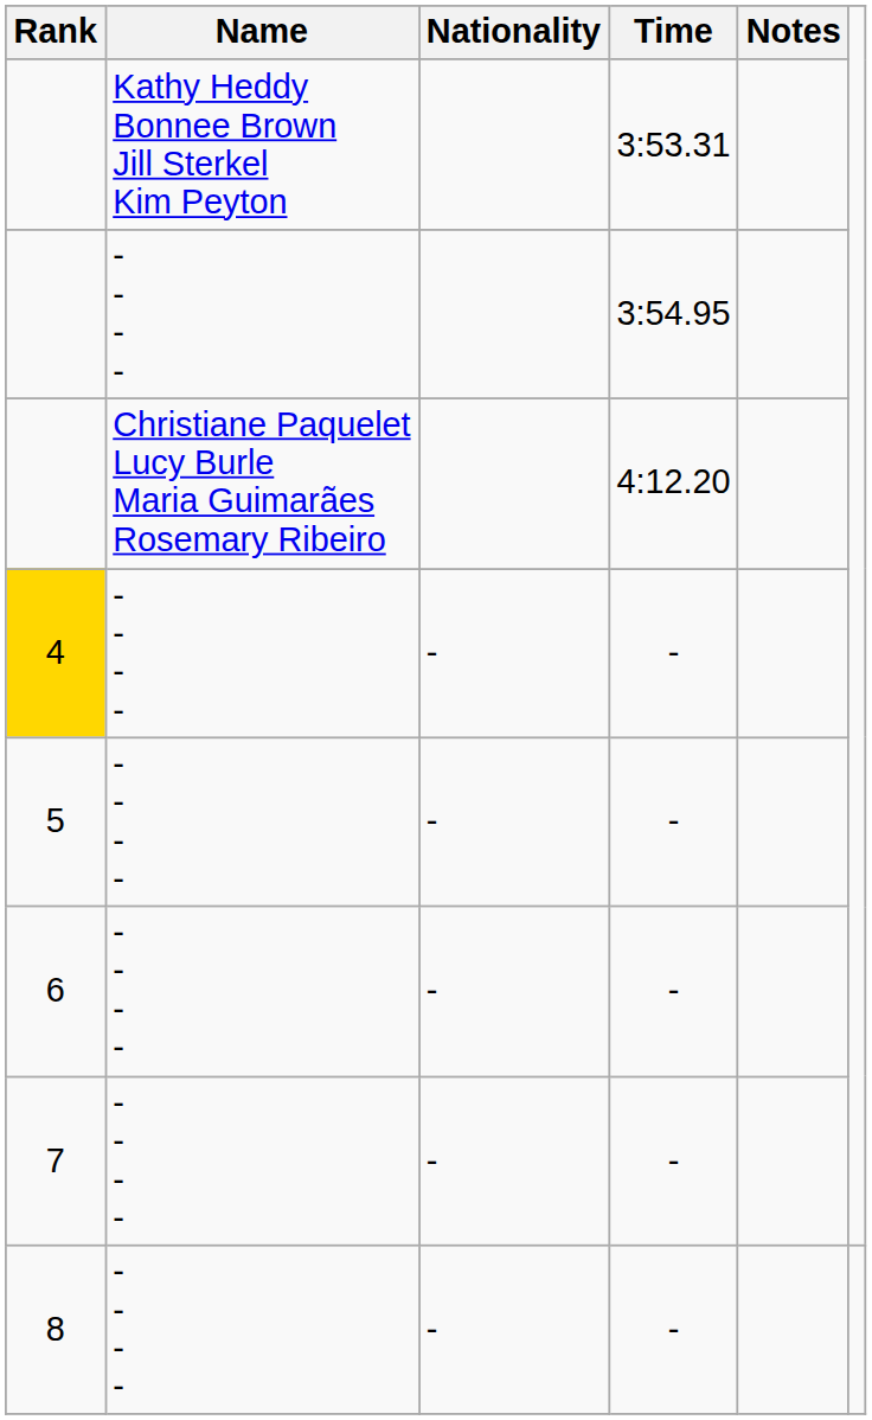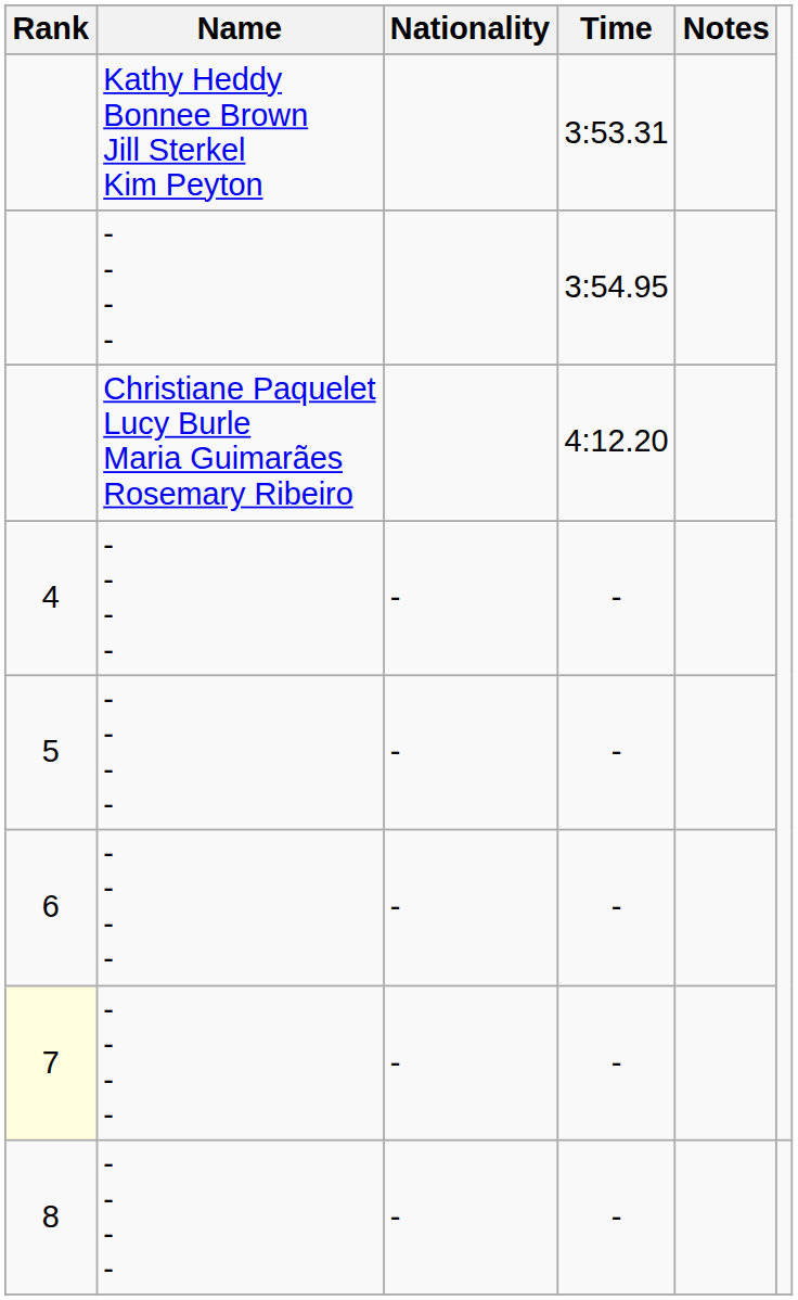 <table class="wikitable sortable" style="text-align:center">
 <tr>
 <th>Rank</th>
 <th>Name</th>
 <th>Nationality</th>
 <th>Time</th>
 <th>Notes</th>
 </tr>
 <tr>
 <td></td>
 <td align=left><a href='#'>Kathy Heddy</a> <br> <a href='#'>Bonnee Brown</a> <br> <a href='#'>Jill Sterkel</a> <br> <a href='#'>Kim Peyton</a></td>
 <td align=left></td>
 <td>3:53.31</td>
 <td></td>
 </tr>
 <tr>
 <td></td>
 <td align=left>- <br> - <br> - <br> -</td>
 <td align=left></td>
 <td>3:54.95</td>
 <td></td>
 </tr>
 <tr>
 <td></td>
 <td align=left><a href='#'>Christiane Paquelet</a> <br> <a href='#'>Lucy Burle</a> <br> <a href='#'>Maria Guimarães</a> <br> <a href='#'>Rosemary Ribeiro</a></td>
 <td align=left></td>
 <td>4:12.20</td>
 <td></td>
 </tr>
 <tr>
-<td style="background: gold;">4</td>
+<td>4</td>
 <td align=left>- <br> - <br> - <br> -</td>
 <td align=left>-</td>
 <td>-</td>
 <td></td>
 </tr>
 <tr>
 <td>5</td>
 <td align=left>- <br> - <br> - <br> -</td>
 <td align=left>-</td>
 <td>-</td>
 <td></td>
 </tr>
 <tr>
 <td>6</td>
 <td align=left>- <br> - <br> - <br> -</td>
 <td align=left>-</td>
 <td>-</td>
 <td></td>
 </tr>
 <tr>
-<td>7</td>
+<td style="background: lightyellow;">7</td>
 <td align=left>- <br> - <br> - <br> -</td>
 <td align=left>-</td>
 <td>-</td>
 <td></td>
 </tr>
 <tr>
 <td>8</td>
 <td align=left>- <br> - <br> - <br> -</td>
 <td align=left>-</td>
 <td>-</td>
 <td></td>
 <td></td>
 </tr>
 </table>
